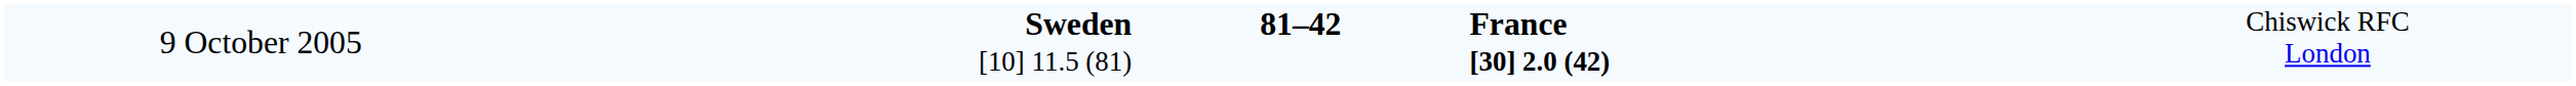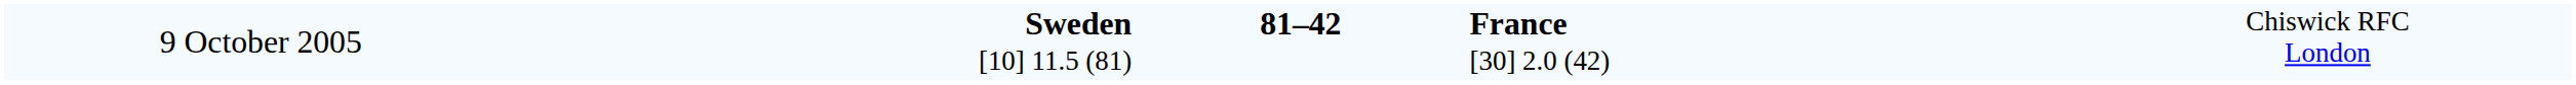 <table style="width: 100%; background:#F5FAFF;" cellspacing="0">
 <tr>
 <td align=center rowspan=3 width=20%>9 October 2005</td>
 </tr>
 <tr>
 <td width=24% align=right><strong>Sweden</strong></td>
 <td align=center width=13%><strong>81–42</strong></td>
 <td width=24%><strong>France</strong></td>
 <td style=font-size:85% rowspan=3 valign=top align=center>Chiswick RFC<br><a href='#'>London</a></td>
 </tr>
 <tr style=font-size:85%>
 <td align=right>[10] 11.5 (81)</td>
 <td></td>
-<td><strong>[30] 2.0 (42)</strong></td>
+<td>[30] 2.0 (42)</td>
 </tr>
 </table>
